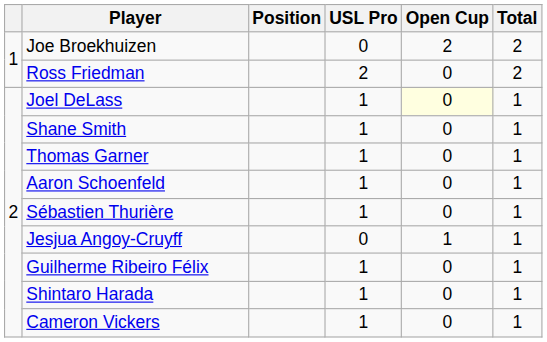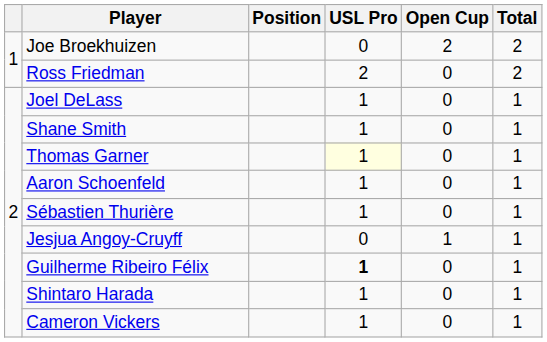 <table class="wikitable">
 <tr>
 <th></th>
 <th style="width:200px;">Player</th>
 <th>Position</th>
 <th>USL Pro</th>
 <th>Open Cup</th>
 <th>Total</th>
 </tr>
 <tr>
 <td align=center rowspan=2>1</td>
 <td> Joe Broekhuizen</td>
 <td align=center></td>
 <td align=center>0</td>
 <td align=center>2</td>
 <td align=center>2</td>
 </tr>
 <tr>
 <td> <a href='#'>Ross Friedman</a></td>
 <td align=center></td>
 <td align=center>2</td>
 <td align=center>0</td>
 <td align=center>2</td>
 </tr>
 <tr>
 <td align=center rowspan=9>2</td>
 <td> <a href='#'>Joel DeLass</a></td>
 <td align=center></td>
 <td align=center>1</td>
-<td align=center style="background: lightyellow;">0</td>
+<td align=center>0</td>
 <td align=center>1</td>
 </tr>
 <tr>
 <td> <a href='#'>Shane Smith</a></td>
 <td align=center></td>
 <td align=center>1</td>
 <td align=center>0</td>
 <td align=center>1</td>
 </tr>
 <tr>
 <td> <a href='#'>Thomas Garner</a></td>
 <td align=center></td>
-<td align=center>1</td>
+<td align=center style="background: lightyellow;">1</td>
 <td align=center>0</td>
 <td align=center>1</td>
 </tr>
 <tr>
 <td> <a href='#'>Aaron Schoenfeld</a></td>
 <td align=center></td>
 <td align=center>1</td>
 <td align=center>0</td>
 <td align=center>1</td>
 </tr>
 <tr>
 <td> <a href='#'>Sébastien Thurière</a></td>
 <td align=center></td>
 <td align=center>1</td>
 <td align=center>0</td>
 <td align=center>1</td>
 </tr>
 <tr>
 <td> <a href='#'>Jesjua Angoy-Cruyff</a></td>
 <td align=center></td>
 <td align=center>0</td>
 <td align=center>1</td>
 <td align=center>1</td>
 </tr>
 <tr>
 <td> <a href='#'>Guilherme Ribeiro Félix</a></td>
 <td align=center></td>
-<td align=center>1</td>
+<td align=center><strong>1</strong></td>
 <td align=center>0</td>
 <td align=center>1</td>
 </tr>
 <tr>
 <td> <a href='#'>Shintaro Harada</a></td>
 <td align=center></td>
 <td align=center>1</td>
 <td align=center>0</td>
 <td align=center>1</td>
 </tr>
 <tr>
 <td> <a href='#'>Cameron Vickers</a></td>
 <td align=center></td>
 <td align=center>1</td>
 <td align=center>0</td>
 <td align=center>1</td>
 </tr>
 </table>
